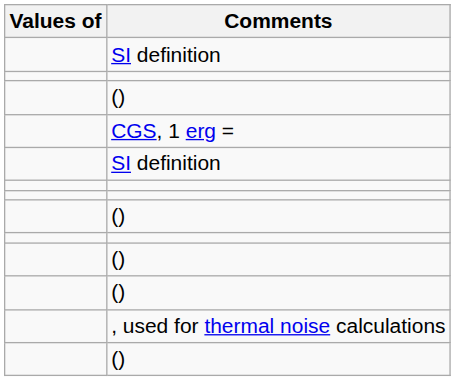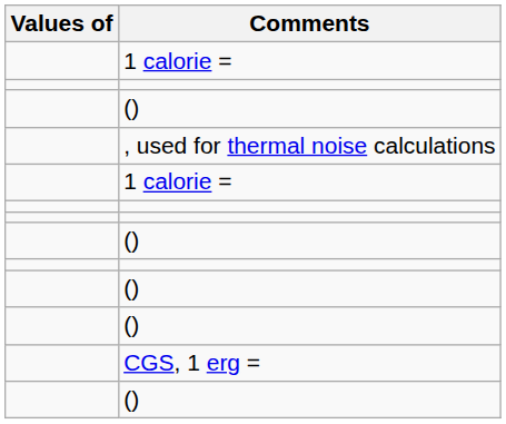 <table class="wikitable">
 <tr>
 <th>Values of </th>
 <th>Comments</th>
 </tr>
 <tr>
 <td></td>
-<td><a href='#'>SI</a> definition</td>
+<td>1 <a href='#'>calorie</a> = </td>
 </tr>
 <tr>
 <td></td>
 <td></td>
 </tr>
 <tr>
 <td></td>
 <td>()</td>
 </tr>
 <tr>
 <td></td>
-<td><a href='#'>CGS</a>, 1 <a href='#'>erg</a> = </td>
+<td>, used for <a href='#'>thermal noise</a> calculations</td>
 </tr>
 <tr>
 <td></td>
-<td><a href='#'>SI</a> definition</td>
+<td>1 <a href='#'>calorie</a> = </td>
 </tr>
 <tr>
 <td></td>
 <td></td>
 </tr>
 <tr>
 <td></td>
 <td></td>
 </tr>
 <tr>
 <td></td>
 <td>()</td>
 </tr>
 <tr>
 <td></td>
 <td></td>
 </tr>
 <tr>
 <td></td>
 <td>()</td>
 </tr>
 <tr>
 <td></td>
 <td>()</td>
 </tr>
 <tr>
 <td></td>
-<td>, used for <a href='#'>thermal noise</a> calculations</td>
+<td><a href='#'>CGS</a>, 1 <a href='#'>erg</a> = </td>
 </tr>
 <tr>
 <td></td>
 <td>()</td>
 </tr>
 </table>
